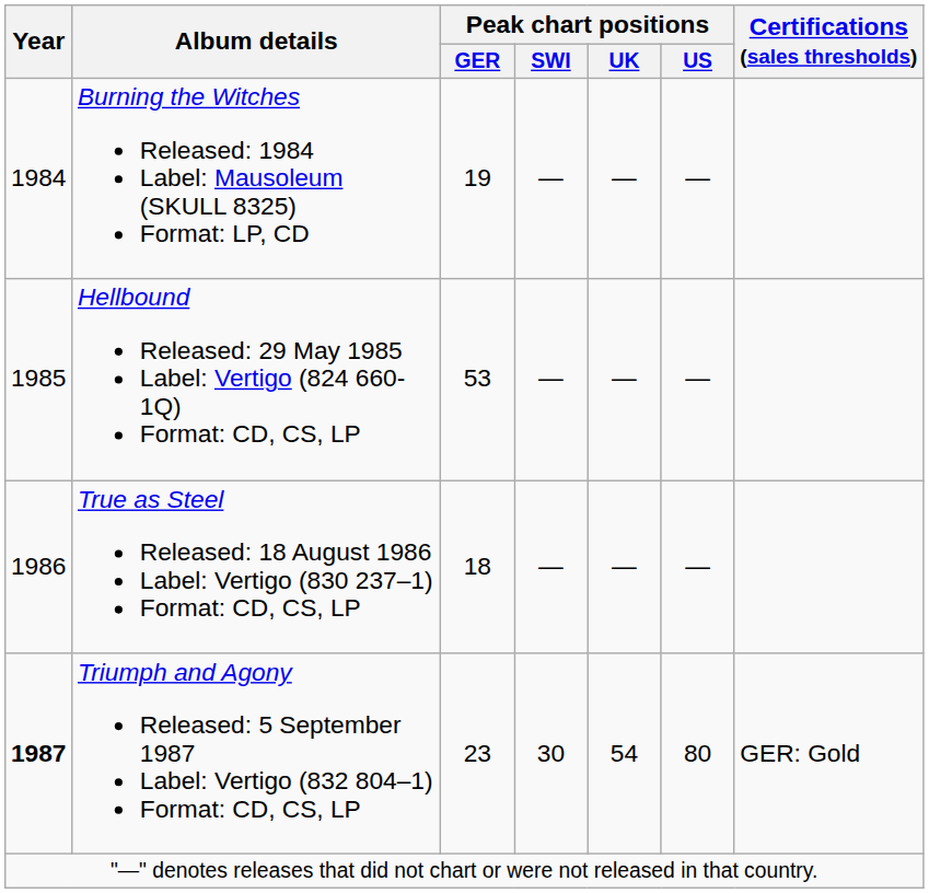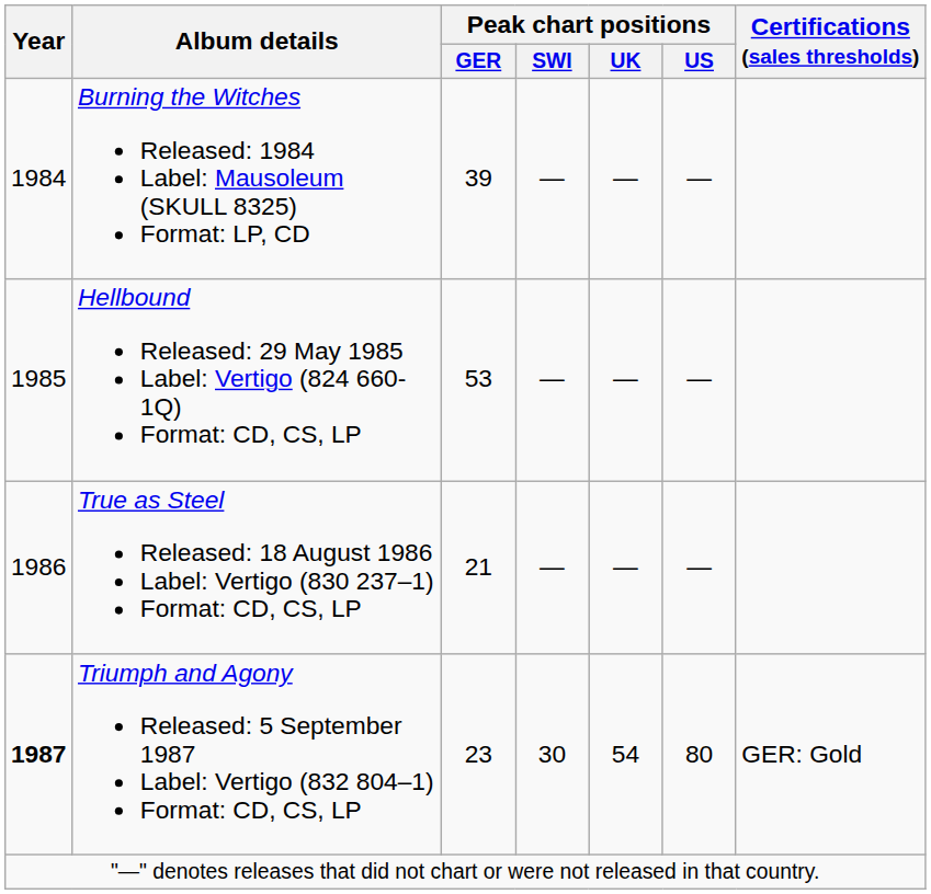 <table class="wikitable">
 <tr>
 <th rowspan="2">Year</th>
 <th rowspan="2" width="230">Album details</th>
 <th colspan="4">Peak chart positions</th>
 <th rowspan="2"><a href='#'>Certifications</a><br><small>(<a href='#'>sales thresholds</a>)</small></th>
 </tr>
 <tr>
 <th style="width:3em;font-size:85%;"><a href='#'>GER</a><br></th>
 <th style="width:3em;font-size:85%;"><a href='#'>SWI</a><br></th>
 <th style="width:3em;font-size:85%;"><a href='#'>UK</a><br></th>
 <th style="width:3em;font-size:85%;"><a href='#'>US</a><br></th>
 </tr>
 <tr>
 <td>1984</td>
 <td><em><a href='#'>Burning the Witches</a></em><br><ul><li>Released: 1984</li><li>Label: <a href='#'>Mausoleum</a> (SKULL 8325)</li><li>Format: LP, CD</li></ul></td>
-<td align="center">19</td>
+<td align="center">39</td>
 <td align="center">—</td>
 <td align="center">—</td>
 <td align="center">—</td>
 <td></td>
 </tr>
 <tr>
 <td>1985</td>
 <td><em><a href='#'>Hellbound</a></em><br><ul><li>Released: 29 May 1985</li><li>Label: <a href='#'>Vertigo</a> (824 660-1Q)</li><li>Format: CD, CS, LP</li></ul></td>
 <td align="center">53</td>
 <td align="center">—</td>
 <td align="center">—</td>
 <td align="center">—</td>
 <td></td>
 </tr>
 <tr>
 <td>1986</td>
 <td><em><a href='#'>True as Steel</a></em><br><ul><li>Released: 18 August 1986</li><li>Label: Vertigo (830 237–1)</li><li>Format: CD, CS, LP</li></ul></td>
-<td align="center">18</td>
+<td align="center">21</td>
 <td align="center">—</td>
 <td align="center">—</td>
 <td align="center">—</td>
 <td></td>
 </tr>
 <tr>
 <td><strong>1987</strong></td>
 <td><em><a href='#'>Triumph and Agony</a></em><br><ul><li>Released: 5 September 1987</li><li>Label: Vertigo (832 804–1)</li><li>Format: CD, CS, LP</li></ul></td>
 <td align="center">23</td>
 <td align="center">30</td>
 <td align="center">54</td>
 <td align="center">80</td>
 <td>GER: Gold</td>
 </tr>
 <tr>
 <td align="center" colspan="15" style="font-size: 85%">"—" denotes releases that did not chart or were not released in that country.</td>
 </tr>
 </table>
